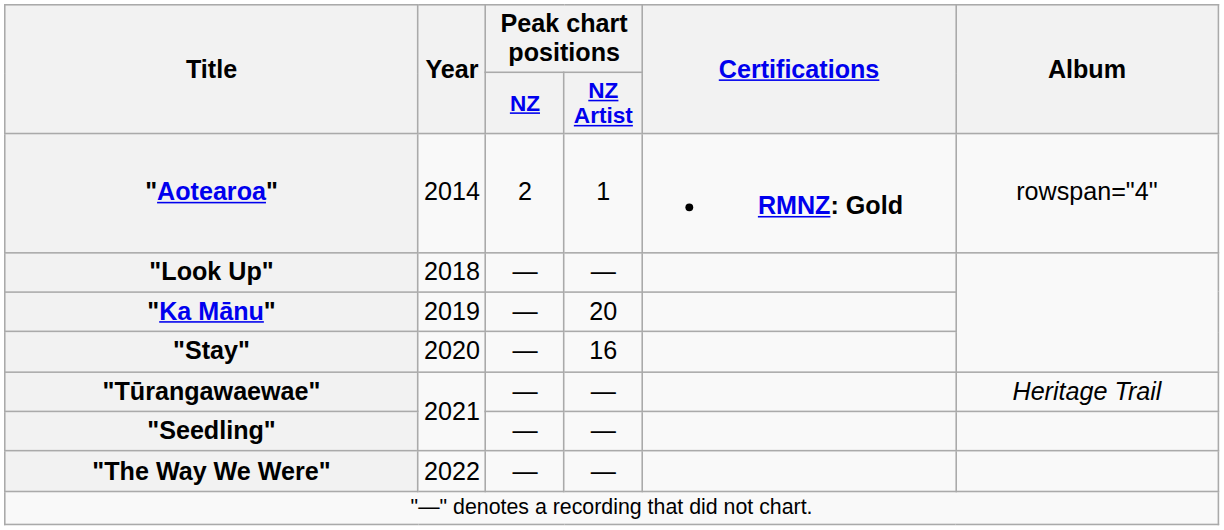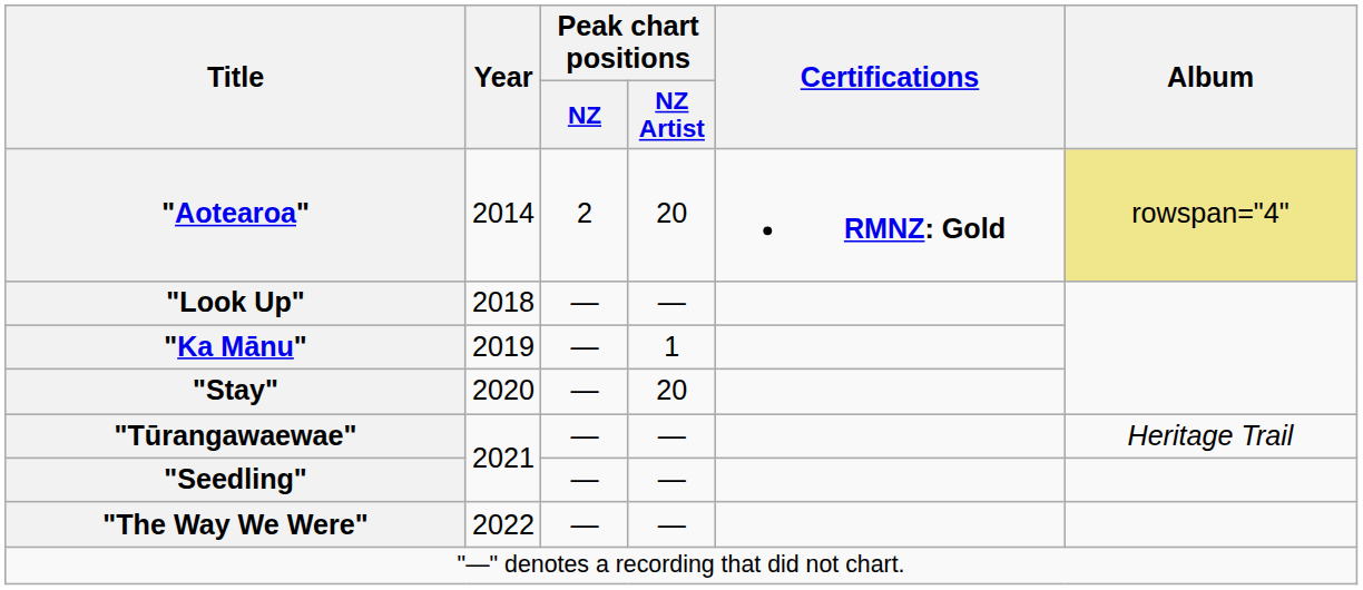 <table class="wikitable plainrowheaders" style="text-align:center;">
 <tr>
 <th scope="col" rowspan="2" style="width:16em;">Title</th>
 <th scope="col" rowspan="2" style="width:1em;">Year</th>
 <th scope="col" colspan="2">Peak chart positions</th>
 <th scope="col" rowspan="2" style="width:12em;"><a href='#'>Certifications</a></th>
 <th scope="col" rowspan="2" style="width:10em;">Album</th>
 </tr>
 <tr>
 <th scope="col" style="width:3em;font-size:90%;"><a href='#'>NZ</a><br></th>
 <th scope="col" style="width:3em;font-size:90%;"><a href='#'>NZ<br>Artist</a><br></th>
 </tr>
 <tr>
 <th scope="row">"<a href='#'>Aotearoa</a>"<br></th>
 <td>2014</td>
 <td>2</td>
-<td>1</td>
+<td>20</td>
 <td><strong><br><ul><li><a href='#'>RMNZ</a>: Gold</li></ul></strong></td>
-<td>rowspan="4" </td>
+<td style="background: khaki;">rowspan="4" </td>
 </tr>
 <tr>
 <th scope="row">"Look Up"<br></th>
 <td>2018</td>
 <td>—</td>
 <td>—</td>
 <td></td>
 </tr>
 <tr>
 <th scope="row">"<a href='#'>Ka Mānu</a>"<br></th>
 <td>2019</td>
 <td>—</td>
-<td>20</td>
+<td>1</td>
 <td></td>
 </tr>
 <tr>
 <th scope="row">"Stay"<br></th>
 <td>2020</td>
 <td>—</td>
-<td>16</td>
+<td>20</td>
 <td></td>
 </tr>
 <tr>
 <th scope="row">"Tūrangawaewae"<br></th>
 <td rowspan="2">2021</td>
 <td>—</td>
 <td>—</td>
 <td></td>
 <td><em>Heritage Trail</em></td>
 </tr>
 <tr>
 <th scope="row">"Seedling"<br></th>
 <td>—</td>
 <td>—</td>
 <td></td>
 <td></td>
 </tr>
 <tr>
 <th scope="row">"The Way We Were"<br></th>
 <td rowspan="1">2022</td>
 <td>—</td>
 <td>—</td>
 <td></td>
 <td></td>
 </tr>
 <tr>
 <td colspan="8" style="font-size:85%;">"—" denotes a recording that did not chart.</td>
 </tr>
 </table>
